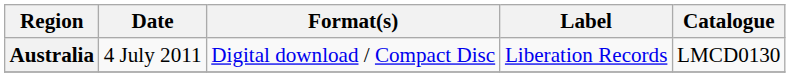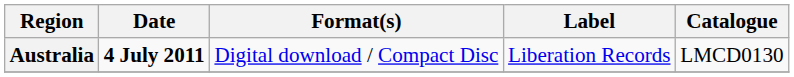 <table class="wikitable plainrowheaders">
 <tr>
 <th scope="col">Region</th>
 <th scope="col">Date</th>
 <th scope="col">Format(s)</th>
 <th scope="col">Label</th>
 <th scope="col">Catalogue</th>
 </tr>
 <tr>
 <th scope="row">Australia</th>
-<td>4 July 2011</td>
+<td><strong>4 July 2011</strong></td>
 <td><a href='#'>Digital download</a> / <a href='#'>Compact Disc</a></td>
 <td><a href='#'>Liberation Records</a></td>
 <td>LMCD0130</td>
 </tr>
 <tr>
 </tr>
 </table>
